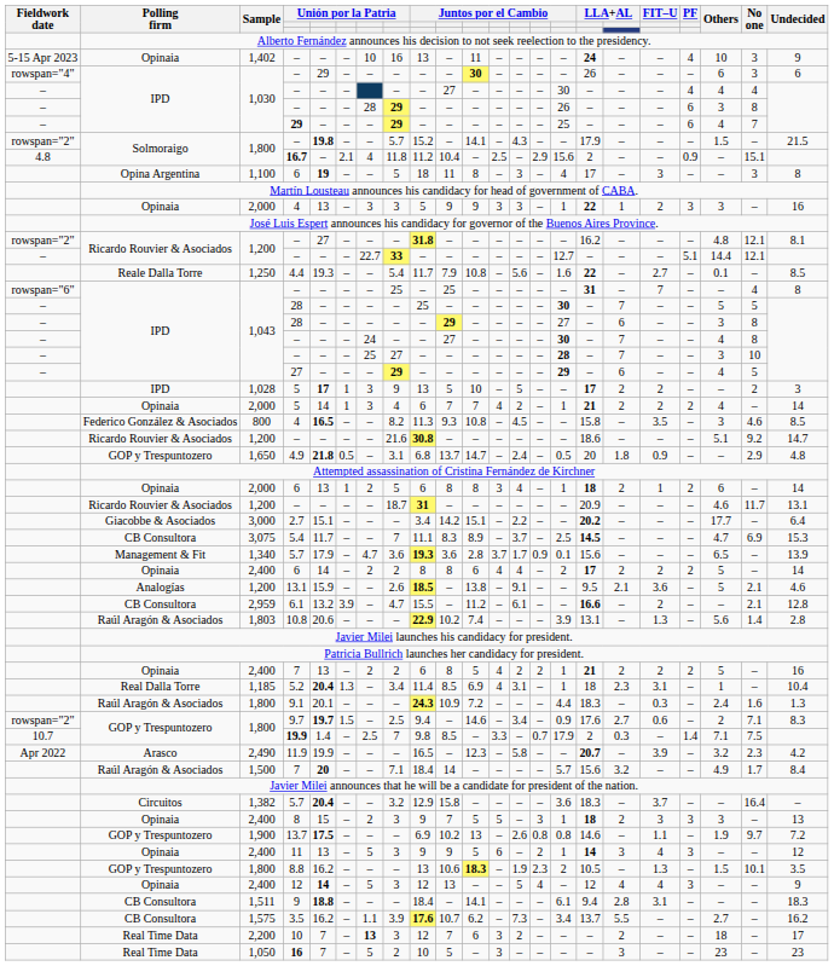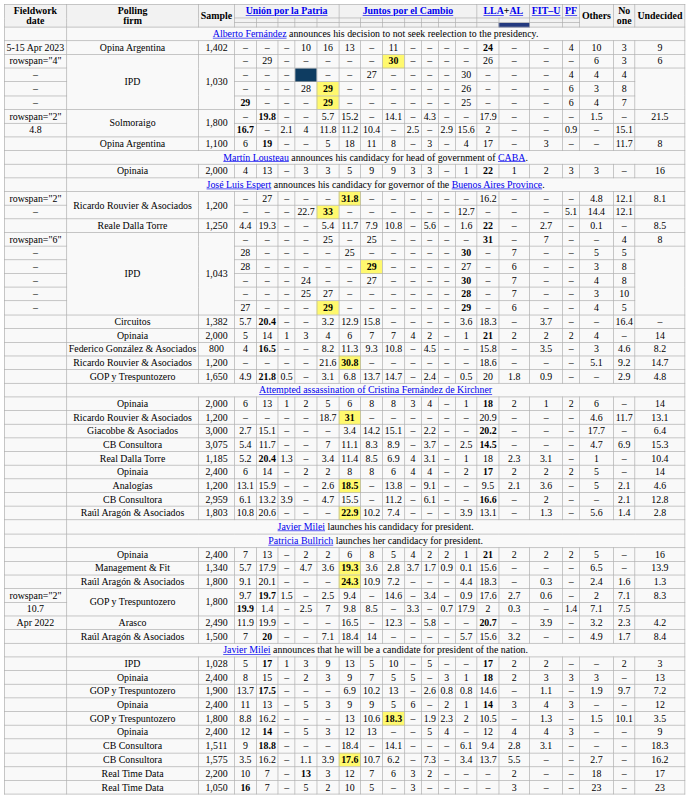 <table class="wikitable sortable tpl-blanktable" style="text-align:center;font-size:95%;line-height:14px;">
 <tr>
 <th rowspan="3">Fieldwork<br>date</th>
 <th rowspan="3">Polling<br>firm</th>
 <th rowspan="3">Sample</th>
 <th colspan="5"><a href='#'>Unión por la Patria</a></th>
 <th colspan="7"><a href='#'>Juntos por el Cambio</a></th>
 <th colspan="2"><a href='#'>LLA</a>+<a href='#'>AL</a></th>
 <th colspan="1"><a href='#'>FIT–U</a></th>
 <th colspan="1"><a href='#'>PF</a></th>
 <th rowspan="3">Others</th>
 <th rowspan="3">No<br>one</th>
 <th rowspan="3">Undecided</th>
 </tr>
 <tr>
 <th></th>
 <th></th>
 <th></th>
 <th></th>
 <th></th>
 <th></th>
 <th></th>
 <th></th>
 <th></th>
 <th></th>
 <th></th>
 <th></th>
 <th></th>
 <th></th>
 <th></th>
 <th></th>
 </tr>
 <tr>
 <th style="background:"></th>
 <th style="background:"></th>
 <th style="background:"></th>
 <th style="background:"></th>
 <th style="background:"></th>
 <th style="background:"></th>
 <th style="background:"></th>
 <th style="background:"></th>
 <th style="background:"></th>
 <th style="background:"></th>
 <th style="background:"></th>
 <th style="background:"></th>
 <th style="background:"></th>
 <th style="background:#23397F; width:40px;"></th>
 <th style="background:"></th>
 <th style="background:"></th>
 </tr>
 <tr>
 <td></td>
 <td colspan="21"><a href='#'>Alberto Fernández</a> announces his decision to not seek reelection to the presidency.</td>
 </tr>
 <tr>
 <td>5-15 Apr 2023</td>
-<td>Opinaia</td>
+<td>Opina Argentina</td>
 <td>1,402</td>
 <td>–</td>
 <td>–</td>
 <td>–</td>
 <td>10</td>
 <td>16</td>
 <td>13</td>
 <td>–</td>
 <td>11</td>
 <td>–</td>
 <td>–</td>
 <td>–</td>
 <td>–</td>
 <td style="background:"><strong>24</strong></td>
 <td>–</td>
 <td>–</td>
 <td>4</td>
 <td>10</td>
 <td>3</td>
 <td>9</td>
 </tr>
 <tr>
 <td>rowspan="4" </td>
 <td rowspan="4">IPD</td>
 <td rowspan="4">1,030</td>
 <td>–</td>
 <td>29</td>
 <td>–</td>
 <td>–</td>
 <td>–</td>
 <td>–</td>
 <td>–</td>
 <td bgcolor="#FFF96E"><strong>30</strong></td>
 <td>–</td>
 <td>–</td>
 <td>–</td>
 <td>–</td>
 <td>26</td>
 <td>–</td>
 <td>–</td>
 <td>–</td>
 <td>6</td>
 <td>3</td>
 <td>6</td>
 </tr>
 <tr>
 <td>–</td>
 <td>–</td>
 <td>–</td>
 <td>–</td>
 <td bgcolor="#0E3C61"><strong></strong></td>
 <td>–</td>
 <td>–</td>
 <td>27</td>
 <td>–</td>
 <td>–</td>
 <td>–</td>
 <td>–</td>
 <td>30</td>
 <td>–</td>
 <td>–</td>
 <td>–</td>
 <td>4</td>
 <td>4</td>
 <td>4</td>
 </tr>
 <tr>
 <td>–</td>
 <td>–</td>
 <td>–</td>
 <td>–</td>
 <td>28</td>
 <td bgcolor="#FFF96E"><strong>29</strong></td>
 <td>–</td>
 <td>–</td>
 <td>–</td>
 <td>–</td>
 <td>–</td>
 <td>–</td>
 <td>26</td>
 <td>–</td>
 <td>–</td>
 <td>–</td>
 <td>6</td>
 <td>3</td>
 <td>8</td>
 </tr>
 <tr>
 <td>–</td>
 <td style="background:"><strong>29</strong></td>
 <td>–</td>
 <td>–</td>
 <td>–</td>
 <td bgcolor="#FFF96E"><strong>29</strong></td>
 <td>–</td>
 <td>–</td>
 <td>–</td>
 <td>–</td>
 <td>–</td>
 <td>–</td>
 <td>25</td>
 <td>–</td>
 <td>–</td>
 <td>–</td>
 <td>6</td>
 <td>4</td>
 <td>7</td>
 </tr>
 <tr>
 <td>rowspan="2" </td>
 <td rowspan="2">Solmoraigo</td>
 <td rowspan="2">1,800</td>
 <td>–</td>
 <td style="background:"><strong>19.8</strong></td>
 <td>–</td>
 <td>–</td>
 <td>5.7</td>
 <td>15.2</td>
 <td>–</td>
 <td>14.1</td>
 <td>–</td>
 <td>4.3</td>
 <td>–</td>
 <td>–</td>
 <td>17.9</td>
 <td>–</td>
 <td>–</td>
 <td>–</td>
 <td>1.5</td>
 <td>–</td>
 <td>21.5</td>
 </tr>
 <tr>
 <td>4.8</td>
 <td style="background:"><strong>16.7</strong></td>
 <td>–</td>
 <td>2.1</td>
 <td>4</td>
 <td>11.8</td>
 <td>11.2</td>
 <td>10.4</td>
 <td>–</td>
 <td>2.5</td>
 <td>–</td>
 <td>2.9</td>
 <td>15.6</td>
 <td>2</td>
 <td>–</td>
 <td>–</td>
 <td>0.9</td>
 <td>–</td>
 <td>15.1</td>
 </tr>
 <tr>
 <td></td>
 <td>Opina Argentina</td>
 <td>1,100</td>
 <td>6</td>
 <td style="background:"><strong>19</strong></td>
 <td>–</td>
 <td>–</td>
 <td>5</td>
 <td>18</td>
 <td>11</td>
 <td>8</td>
 <td>–</td>
 <td>3</td>
 <td>–</td>
 <td>4</td>
 <td>17</td>
 <td>–</td>
 <td>3</td>
 <td>–</td>
 <td>–</td>
-<td>3</td>
+<td>11.7</td>
 <td>8</td>
 </tr>
 <tr>
 <td></td>
 <td colspan="21"><a href='#'>Martín Lousteau</a> announces his candidacy for head of government of <a href='#'>CABA</a>.</td>
 </tr>
 <tr>
 <td></td>
 <td>Opinaia</td>
 <td>2,000</td>
 <td>4</td>
 <td>13</td>
 <td>–</td>
 <td>3</td>
 <td>3</td>
 <td>5</td>
 <td>9</td>
 <td>9</td>
 <td>3</td>
 <td>3</td>
 <td>–</td>
 <td>1</td>
 <td style="background:"><strong>22</strong></td>
 <td>1</td>
 <td>2</td>
 <td>3</td>
 <td>3</td>
 <td>–</td>
 <td>16</td>
 </tr>
 <tr>
 <td></td>
 <td colspan="21"><a href='#'>José Luis Espert</a> announces his candidacy for governor of the <a href='#'>Buenos Aires Province</a>.</td>
 </tr>
 <tr>
 <td>rowspan="2" </td>
 <td rowspan="2">Ricardo Rouvier & Asociados</td>
 <td rowspan="2">1,200</td>
 <td>–</td>
 <td>27</td>
 <td>–</td>
 <td>–</td>
 <td>–</td>
 <td bgcolor="#FFF96E"><strong>31.8</strong></td>
 <td>–</td>
 <td>–</td>
 <td>–</td>
 <td>–</td>
 <td>–</td>
 <td>–</td>
 <td>16.2</td>
 <td>–</td>
 <td>–</td>
 <td>–</td>
 <td>4.8</td>
 <td>12.1</td>
 <td>8.1</td>
 </tr>
 <tr>
 <td>–</td>
 <td>–</td>
 <td>–</td>
 <td>–</td>
 <td>22.7</td>
 <td bgcolor="#FFF96E"><strong>33</strong></td>
 <td>–</td>
 <td>–</td>
 <td>–</td>
 <td>–</td>
 <td>–</td>
 <td>–</td>
 <td>12.7</td>
 <td>–</td>
 <td>–</td>
 <td>–</td>
 <td>5.1</td>
 <td>14.4</td>
 <td>12.1</td>
 </tr>
 <tr>
 <td></td>
 <td>Reale Dalla Torre</td>
 <td>1,250</td>
 <td>4.4</td>
 <td>19.3</td>
 <td>–</td>
 <td>–</td>
 <td>5.4</td>
 <td>11.7</td>
 <td>7.9</td>
 <td>10.8</td>
 <td>–</td>
 <td>5.6</td>
 <td>–</td>
 <td>1.6</td>
 <td style="background:"><strong>22</strong></td>
 <td>–</td>
 <td>2.7</td>
 <td>–</td>
 <td>0.1</td>
 <td>–</td>
 <td>8.5</td>
 </tr>
 <tr>
 <td>rowspan="6" </td>
 <td rowspan="6">IPD</td>
 <td rowspan="6">1,043</td>
 <td>–</td>
 <td>–</td>
 <td>–</td>
 <td>–</td>
 <td>25</td>
 <td>–</td>
 <td>25</td>
 <td>–</td>
 <td>–</td>
 <td>–</td>
 <td>–</td>
 <td>–</td>
 <td style="background:"><strong>31</strong></td>
 <td>–</td>
 <td>7</td>
 <td>–</td>
 <td>–</td>
 <td>4</td>
 <td>8</td>
 </tr>
 <tr>
 <td>–</td>
 <td>28</td>
 <td>–</td>
 <td>–</td>
 <td>–</td>
 <td>–</td>
 <td>25</td>
 <td>–</td>
 <td>–</td>
 <td>–</td>
 <td>–</td>
 <td>–</td>
 <td style="background:"><strong>30</strong></td>
 <td>–</td>
 <td>7</td>
 <td>–</td>
 <td>–</td>
 <td>5</td>
 <td>5</td>
 </tr>
 <tr>
 <td>–</td>
 <td>28</td>
 <td>–</td>
 <td>–</td>
 <td>–</td>
 <td>–</td>
 <td>–</td>
 <td bgcolor="#FFF96E"><strong>29</strong></td>
 <td>–</td>
 <td>–</td>
 <td>–</td>
 <td>–</td>
 <td>27</td>
 <td>–</td>
 <td>6</td>
 <td>–</td>
 <td>–</td>
 <td>3</td>
 <td>8</td>
 </tr>
 <tr>
 <td>–</td>
 <td>–</td>
 <td>–</td>
 <td>–</td>
 <td>24</td>
 <td>–</td>
 <td>–</td>
 <td>27</td>
 <td>–</td>
 <td>–</td>
 <td>–</td>
 <td>–</td>
 <td style="background:"><strong>30</strong></td>
 <td>–</td>
 <td>7</td>
 <td>–</td>
 <td>–</td>
 <td>4</td>
 <td>8</td>
 </tr>
 <tr>
 <td>–</td>
 <td>–</td>
 <td>–</td>
 <td>–</td>
 <td>25</td>
 <td>27</td>
 <td>–</td>
 <td>–</td>
 <td>–</td>
 <td>–</td>
 <td>–</td>
 <td>–</td>
 <td style="background:"><strong>28</strong></td>
 <td>–</td>
 <td>7</td>
 <td>–</td>
 <td>–</td>
 <td>3</td>
 <td>10</td>
 </tr>
 <tr>
 <td>–</td>
 <td>27</td>
 <td>–</td>
 <td>–</td>
 <td>–</td>
 <td bgcolor="#FFF96E"><strong>29</strong></td>
 <td>–</td>
 <td>–</td>
 <td>–</td>
 <td>–</td>
 <td>–</td>
 <td>–</td>
 <td style="background:"><strong>29</strong></td>
 <td>–</td>
 <td>6</td>
 <td>–</td>
 <td>–</td>
 <td>4</td>
 <td>5</td>
 </tr>
 <tr>
 <td></td>
-<td>IPD</td>
-<td>1,028</td>
-<td>5</td>
-<td style="background:"><strong>17</strong></td>
-<td>1</td>
-<td>3</td>
-<td>9</td>
-<td>13</td>
-<td>5</td>
-<td>10</td>
-<td>–</td>
-<td>5</td>
+<td>Circuitos</td>
+<td>1,382</td>
+<td>5.7</td>
+<td style="background:"><strong>20.4</strong></td>
 <td>–</td>
 <td>–</td>
-<td style="background:"><strong>17</strong></td>
-<td>2</td>
-<td>2</td>
+<td>3.2</td>
+<td>12.9</td>
+<td>15.8</td>
 <td>–</td>
 <td>–</td>
-<td>2</td>
-<td>3</td>
+<td>–</td>
+<td>–</td>
+<td>3.6</td>
+<td>18.3</td>
+<td>–</td>
+<td>3.7</td>
+<td>–</td>
+<td>–</td>
+<td>16.4</td>
+<td>–</td>
 </tr>
 <tr>
 <td></td>
 <td>Opinaia</td>
 <td>2,000</td>
 <td>5</td>
 <td>14</td>
 <td>1</td>
 <td>3</td>
 <td>4</td>
 <td>6</td>
 <td>7</td>
 <td>7</td>
 <td>4</td>
 <td>2</td>
 <td>–</td>
 <td>1</td>
 <td style="background:"><strong>21</strong></td>
 <td>2</td>
 <td>2</td>
 <td>2</td>
 <td>4</td>
 <td>–</td>
 <td>14</td>
 </tr>
 <tr>
 <td></td>
 <td>Federico González & Asociados</td>
 <td>800</td>
 <td>4</td>
 <td style="background:"><strong>16.5</strong></td>
 <td>–</td>
 <td>–</td>
 <td>8.2</td>
 <td>11.3</td>
 <td>9.3</td>
 <td>10.8</td>
 <td>–</td>
 <td>4.5</td>
 <td>–</td>
 <td>–</td>
 <td>15.8</td>
 <td>–</td>
 <td>3.5</td>
 <td>–</td>
 <td>3</td>
 <td>4.6</td>
-<td>8.5</td>
+<td>8.2</td>
 </tr>
 <tr>
 <td></td>
 <td>Ricardo Rouvier & Asociados</td>
 <td>1,200</td>
 <td>–</td>
 <td>–</td>
 <td>–</td>
 <td>–</td>
 <td>21.6</td>
 <td bgcolor="#FFF96E"><strong>30.8</strong></td>
 <td>–</td>
 <td>–</td>
 <td>–</td>
 <td>–</td>
 <td>–</td>
 <td>–</td>
 <td>18.6</td>
 <td>–</td>
 <td>–</td>
 <td>–</td>
 <td>5.1</td>
 <td>9.2</td>
 <td>14.7</td>
 </tr>
 <tr>
 <td></td>
 <td>GOP y Trespuntozero</td>
 <td>1,650</td>
 <td>4.9</td>
 <td style="background:"><strong>21.8</strong></td>
 <td>0.5</td>
 <td>–</td>
 <td>3.1</td>
 <td>6.8</td>
 <td>13.7</td>
 <td>14.7</td>
 <td>–</td>
 <td>2.4</td>
 <td>–</td>
 <td>0.5</td>
 <td>20</td>
 <td>1.8</td>
 <td>0.9</td>
 <td>–</td>
 <td>–</td>
 <td>2.9</td>
 <td>4.8</td>
 </tr>
 <tr>
 <td></td>
 <td colspan="21"><a href='#'>Attempted assassination of Cristina Fernández de Kirchner</a></td>
 </tr>
 <tr>
 <td></td>
 <td>Opinaia</td>
 <td>2,000</td>
 <td>6</td>
 <td>13</td>
 <td>1</td>
 <td>2</td>
 <td>5</td>
 <td>6</td>
 <td>8</td>
 <td>8</td>
 <td>3</td>
 <td>4</td>
 <td>–</td>
 <td>1</td>
 <td style="background:"><strong>18</strong></td>
 <td>2</td>
 <td>1</td>
 <td>2</td>
 <td>6</td>
 <td>–</td>
 <td>14</td>
 </tr>
 <tr>
 <td></td>
 <td>Ricardo Rouvier & Asociados</td>
 <td>1,200</td>
 <td>–</td>
 <td>–</td>
 <td>–</td>
 <td>–</td>
 <td>18.7</td>
 <td bgcolor="#FFF96E"><strong>31</strong></td>
 <td>–</td>
 <td>–</td>
 <td>–</td>
 <td>–</td>
 <td>–</td>
 <td>–</td>
 <td>20.9</td>
 <td>–</td>
 <td>–</td>
 <td>–</td>
 <td>4.6</td>
 <td>11.7</td>
 <td>13.1</td>
 </tr>
 <tr>
 <td></td>
 <td>Giacobbe & Asociados</td>
 <td>3,000</td>
 <td>2.7</td>
 <td>15.1</td>
 <td>–</td>
 <td>–</td>
 <td>–</td>
 <td>3.4</td>
 <td>14.2</td>
 <td>15.1</td>
 <td>–</td>
 <td>2.2</td>
 <td>–</td>
 <td>–</td>
 <td style="background:"><strong>20.2</strong></td>
 <td>–</td>
 <td>–</td>
 <td>–</td>
 <td>17.7</td>
 <td>–</td>
 <td>6.4</td>
 </tr>
 <tr>
 <td></td>
 <td>CB Consultora</td>
 <td>3,075</td>
 <td>5.4</td>
 <td>11.7</td>
 <td>–</td>
 <td>–</td>
 <td>7</td>
 <td>11.1</td>
 <td>8.3</td>
 <td>8.9</td>
 <td>–</td>
 <td>3.7</td>
 <td>–</td>
 <td>2.5</td>
 <td style="background:"><strong>14.5</strong></td>
 <td>–</td>
 <td>–</td>
 <td>–</td>
 <td>4.7</td>
 <td>6.9</td>
 <td>15.3</td>
 </tr>
 <tr>
 <td></td>
-<td>Management & Fit</td>
-<td>1,340</td>
-<td>5.7</td>
-<td>17.9</td>
+<td>Real Dalla Torre</td>
+<td>1,185</td>
+<td>5.2</td>
+<td style="background:"><strong>20.4</strong></td>
+<td>1.3</td>
 <td>–</td>
-<td>4.7</td>
-<td>3.6</td>
-<td bgcolor="#FFF96E"><strong>19.3</strong></td>
-<td>3.6</td>
-<td>2.8</td>
-<td>3.7</td>
-<td>1.7</td>
-<td>0.9</td>
-<td>0.1</td>
-<td>15.6</td>
+<td>3.4</td>
+<td>11.4</td>
+<td>8.5</td>
+<td>6.9</td>
+<td>4</td>
+<td>3.1</td>
 <td>–</td>
+<td>1</td>
+<td>18</td>
+<td>2.3</td>
+<td>3.1</td>
 <td>–</td>
+<td>1</td>
 <td>–</td>
-<td>6.5</td>
-<td>–</td>
-<td>13.9</td>
+<td>10.4</td>
 </tr>
 <tr>
 <td></td>
 <td>Opinaia</td>
 <td>2,400</td>
 <td>6</td>
 <td>14</td>
 <td>–</td>
 <td>2</td>
 <td>2</td>
 <td>8</td>
 <td>8</td>
 <td>6</td>
 <td>4</td>
 <td>4</td>
 <td>–</td>
 <td>2</td>
 <td style="background:"><strong>17</strong></td>
 <td>2</td>
 <td>2</td>
 <td>2</td>
 <td>5</td>
 <td>–</td>
 <td>14</td>
 </tr>
 <tr>
 <td></td>
 <td>Analogías</td>
 <td>1,200</td>
 <td>13.1</td>
 <td>15.9</td>
 <td>–</td>
 <td>–</td>
 <td>2.6</td>
 <td bgcolor="#FFF96E"><strong>18.5</strong></td>
 <td>–</td>
 <td>13.8</td>
 <td>–</td>
 <td>9.1</td>
 <td>–</td>
 <td>–</td>
 <td>9.5</td>
 <td>2.1</td>
 <td>3.6</td>
 <td>–</td>
 <td>5</td>
 <td>2.1</td>
 <td>4.6</td>
 </tr>
 <tr>
 <td></td>
 <td>CB Consultora</td>
 <td>2,959</td>
 <td>6.1</td>
 <td>13.2</td>
 <td>3.9</td>
 <td>–</td>
 <td>4.7</td>
 <td>15.5</td>
 <td>–</td>
 <td>11.2</td>
 <td>–</td>
 <td>6.1</td>
 <td>–</td>
 <td>–</td>
 <td style="background:"><strong>16.6</strong></td>
 <td>–</td>
 <td>2</td>
 <td>–</td>
 <td>–</td>
 <td>2.1</td>
 <td>12.8</td>
 </tr>
 <tr>
 <td></td>
 <td>Raúl Aragón & Asociados</td>
 <td>1,803</td>
 <td>10.8</td>
 <td>20.6</td>
 <td>–</td>
 <td>–</td>
 <td>–</td>
 <td bgcolor="#FFF96E"><strong>22.9</strong></td>
 <td>10.2</td>
 <td>7.4</td>
 <td>–</td>
 <td>–</td>
 <td>–</td>
 <td>3.9</td>
 <td>13.1</td>
 <td>–</td>
 <td>1.3</td>
 <td>–</td>
 <td>5.6</td>
 <td>1.4</td>
 <td>2.8</td>
 </tr>
 <tr>
 <td></td>
 <td colspan="21"><a href='#'>Javier Milei</a> launches his candidacy for president.</td>
 </tr>
 <tr>
 <td></td>
 <td colspan="21"><a href='#'>Patricia Bullrich</a> launches her candidacy for president.</td>
 </tr>
 <tr>
 <td></td>
 <td>Opinaia</td>
 <td>2,400</td>
 <td>7</td>
 <td>13</td>
 <td>–</td>
 <td>2</td>
 <td>2</td>
 <td>6</td>
 <td>8</td>
 <td>5</td>
 <td>4</td>
 <td>2</td>
 <td>2</td>
 <td>1</td>
 <td style="background:"><strong>21</strong></td>
 <td>2</td>
 <td>2</td>
 <td>2</td>
 <td>5</td>
 <td>–</td>
 <td>16</td>
 </tr>
 <tr>
 <td></td>
-<td>Real Dalla Torre</td>
-<td>1,185</td>
-<td>5.2</td>
-<td style="background:"><strong>20.4</strong></td>
-<td>1.3</td>
+<td>Management & Fit</td>
+<td>1,340</td>
+<td>5.7</td>
+<td>17.9</td>
 <td>–</td>
-<td>3.4</td>
-<td>11.4</td>
-<td>8.5</td>
-<td>6.9</td>
-<td>4</td>
-<td>3.1</td>
+<td>4.7</td>
+<td>3.6</td>
+<td bgcolor="#FFF96E"><strong>19.3</strong></td>
+<td>3.6</td>
+<td>2.8</td>
+<td>3.7</td>
+<td>1.7</td>
+<td>0.9</td>
+<td>0.1</td>
+<td>15.6</td>
 <td>–</td>
-<td>1</td>
-<td>18</td>
-<td>2.3</td>
-<td>3.1</td>
 <td>–</td>
-<td>1</td>
 <td>–</td>
-<td>10.4</td>
+<td>6.5</td>
+<td>–</td>
+<td>13.9</td>
 </tr>
 <tr>
 <td></td>
 <td>Raúl Aragón & Asociados</td>
 <td>1,800</td>
 <td>9.1</td>
 <td>20.1</td>
 <td>–</td>
 <td>–</td>
 <td>–</td>
 <td bgcolor="#FFF96E"><strong>24.3</strong></td>
 <td>10.9</td>
 <td>7.2</td>
 <td>–</td>
 <td>–</td>
 <td>–</td>
 <td>4.4</td>
 <td>18.3</td>
 <td>–</td>
 <td>0.3</td>
 <td>–</td>
 <td>2.4</td>
 <td>1.6</td>
 <td>1.3</td>
 </tr>
 <tr>
 <td>rowspan="2" </td>
 <td rowspan="2">GOP y Trespuntozero</td>
 <td rowspan="2">1,800</td>
 <td>9.7</td>
 <td style="background:"><strong>19.7</strong></td>
 <td>1.5</td>
 <td>–</td>
 <td>2.5</td>
 <td>9.4</td>
 <td>–</td>
 <td>14.6</td>
 <td>–</td>
 <td>3.4</td>
 <td>–</td>
 <td>0.9</td>
 <td>17.6</td>
 <td>2.7</td>
 <td>0.6</td>
 <td>–</td>
 <td>2</td>
 <td>7.1</td>
 <td>8.3</td>
 </tr>
 <tr>
 <td>10.7</td>
 <td style="background:"><strong>19.9</strong></td>
 <td>1.4</td>
 <td>–</td>
 <td>2.5</td>
 <td>7</td>
 <td>9.8</td>
 <td>8.5</td>
 <td>–</td>
 <td>3.3</td>
 <td>–</td>
 <td>0.7</td>
 <td>17.9</td>
 <td>2</td>
 <td>0.3</td>
 <td>–</td>
 <td>1.4</td>
 <td>7.1</td>
 <td>7.5</td>
 </tr>
 <tr>
 <td>Apr 2022</td>
 <td>Arasco</td>
 <td>2,490</td>
 <td>11.9</td>
 <td>19.9</td>
 <td>–</td>
 <td>–</td>
 <td>–</td>
 <td>16.5</td>
 <td>–</td>
 <td>12.3</td>
 <td>–</td>
 <td>5.8</td>
 <td>–</td>
 <td>–</td>
 <td style="background:"><strong>20.7</strong></td>
 <td>–</td>
 <td>3.9</td>
 <td>–</td>
 <td>3.2</td>
 <td>2.3</td>
 <td>4.2</td>
 </tr>
 <tr>
 <td></td>
 <td>Raúl Aragón & Asociados</td>
 <td>1,500</td>
 <td>7</td>
 <td style="background:"><strong>20</strong></td>
 <td>–</td>
 <td>–</td>
 <td>7.1</td>
 <td>18.4</td>
 <td>14</td>
 <td>–</td>
 <td>–</td>
 <td>–</td>
 <td>–</td>
 <td>5.7</td>
 <td>15.6</td>
 <td>3.2</td>
 <td>–</td>
 <td>–</td>
 <td>4.9</td>
 <td>1.7</td>
 <td>8.4</td>
 </tr>
 <tr>
 <td></td>
 <td colspan="21"><a href='#'>Javier Milei</a> announces that he will be a candidate for president of the nation.</td>
 </tr>
 <tr>
 <td></td>
-<td>Circuitos</td>
-<td>1,382</td>
-<td>5.7</td>
-<td style="background:"><strong>20.4</strong></td>
+<td>IPD</td>
+<td>1,028</td>
+<td>5</td>
+<td style="background:"><strong>17</strong></td>
+<td>1</td>
+<td>3</td>
+<td>9</td>
+<td>13</td>
+<td>5</td>
+<td>10</td>
+<td>–</td>
+<td>5</td>
 <td>–</td>
 <td>–</td>
-<td>3.2</td>
-<td>12.9</td>
-<td>15.8</td>
+<td style="background:"><strong>17</strong></td>
+<td>2</td>
+<td>2</td>
 <td>–</td>
 <td>–</td>
-<td>–</td>
-<td>–</td>
-<td>3.6</td>
-<td>18.3</td>
-<td>–</td>
-<td>3.7</td>
-<td>–</td>
-<td>–</td>
-<td>16.4</td>
-<td>–</td>
+<td>2</td>
+<td>3</td>
 </tr>
 <tr>
 <td></td>
 <td>Opinaia</td>
 <td>2,400</td>
 <td>8</td>
 <td>15</td>
 <td>–</td>
 <td>2</td>
 <td>3</td>
 <td>9</td>
 <td>7</td>
 <td>5</td>
 <td>5</td>
 <td>–</td>
 <td>3</td>
 <td>1</td>
 <td style="background:"><strong>18</strong></td>
 <td>2</td>
 <td>3</td>
 <td>3</td>
 <td>3</td>
 <td>–</td>
 <td>13</td>
 </tr>
 <tr>
 <td></td>
 <td>GOP y Trespuntozero</td>
 <td>1,900</td>
 <td>13.7</td>
 <td style="background:"><strong>17.5</strong></td>
 <td>–</td>
 <td>–</td>
 <td>–</td>
 <td>6.9</td>
 <td>10.2</td>
 <td>13</td>
 <td>–</td>
 <td>2.6</td>
 <td>0.8</td>
 <td>0.8</td>
 <td>14.6</td>
 <td>–</td>
 <td>1.1</td>
 <td>–</td>
 <td>1.9</td>
 <td>9.7</td>
 <td>7.2</td>
 </tr>
 <tr>
 <td></td>
 <td>Opinaia</td>
 <td>2,400</td>
 <td>11</td>
 <td>13</td>
 <td>–</td>
 <td>5</td>
 <td>3</td>
 <td>9</td>
 <td>9</td>
 <td>5</td>
 <td>6</td>
 <td>–</td>
 <td>2</td>
 <td>1</td>
 <td style="background:"><strong>14</strong></td>
 <td>3</td>
 <td>4</td>
 <td>3</td>
 <td>–</td>
 <td>–</td>
 <td>12</td>
 </tr>
 <tr>
 <td></td>
 <td>GOP y Trespuntozero</td>
 <td>1,800</td>
 <td>8.8</td>
 <td>16.2</td>
 <td>–</td>
 <td>–</td>
 <td>–</td>
 <td>13</td>
 <td>10.6</td>
 <td bgcolor="#FFF96E"><strong>18.3</strong></td>
 <td>–</td>
 <td>1.9</td>
 <td>2.3</td>
 <td>2</td>
 <td>10.5</td>
 <td>–</td>
 <td>1.3</td>
 <td>–</td>
 <td>1.5</td>
 <td>10.1</td>
 <td>3.5</td>
 </tr>
 <tr>
 <td></td>
 <td>Opinaia</td>
 <td>2,400</td>
 <td>12</td>
 <td style="background:"><strong>14</strong></td>
 <td>–</td>
 <td>5</td>
 <td>3</td>
 <td>12</td>
 <td>13</td>
 <td>–</td>
 <td>–</td>
 <td>5</td>
 <td>4</td>
 <td>–</td>
 <td>12</td>
 <td>4</td>
 <td>4</td>
 <td>3</td>
 <td>–</td>
 <td>–</td>
 <td>9</td>
 </tr>
 <tr>
 <td></td>
 <td>CB Consultora</td>
 <td>1,511</td>
 <td>9</td>
 <td style="background:"><strong>18.8</strong></td>
 <td>–</td>
 <td>–</td>
 <td>–</td>
 <td>18.4</td>
 <td>–</td>
 <td>14.1</td>
 <td>–</td>
 <td>–</td>
 <td>–</td>
 <td>6.1</td>
 <td>9.4</td>
 <td>2.8</td>
 <td>3.1</td>
 <td>–</td>
 <td>–</td>
 <td>–</td>
 <td>18.3</td>
 </tr>
 <tr>
 <td></td>
 <td>CB Consultora</td>
 <td>1,575</td>
 <td>3.5</td>
 <td>16.2</td>
 <td>–</td>
 <td>1.1</td>
 <td>3.9</td>
 <td bgcolor="#FFF96E"><strong>17.6</strong></td>
 <td>10.7</td>
 <td>6.2</td>
 <td>–</td>
 <td>7.3</td>
 <td>–</td>
 <td>3.4</td>
 <td>13.7</td>
 <td>5.5</td>
 <td>–</td>
 <td>–</td>
 <td>2.7</td>
 <td>–</td>
 <td>16.2</td>
 </tr>
 <tr>
 <td></td>
 <td>Real Time Data</td>
 <td>2,200</td>
 <td>10</td>
 <td>7</td>
 <td>–</td>
 <td style="background:"><strong>13</strong></td>
 <td>3</td>
 <td>12</td>
 <td>7</td>
 <td>6</td>
 <td>3</td>
 <td>2</td>
 <td>–</td>
 <td>–</td>
 <td>–</td>
 <td>2</td>
 <td>–</td>
 <td>–</td>
 <td>18</td>
 <td>–</td>
 <td>17</td>
 </tr>
 <tr>
 <td></td>
 <td>Real Time Data</td>
 <td>1,050</td>
 <td style="background:"><strong>16</strong></td>
 <td>7</td>
 <td>–</td>
 <td>5</td>
 <td>2</td>
 <td>10</td>
 <td>5</td>
 <td>–</td>
 <td>3</td>
 <td>–</td>
 <td>–</td>
 <td>–</td>
 <td>–</td>
 <td>3</td>
 <td>–</td>
 <td>–</td>
 <td>23</td>
 <td>–</td>
 <td>23</td>
 </tr>
 </table>
